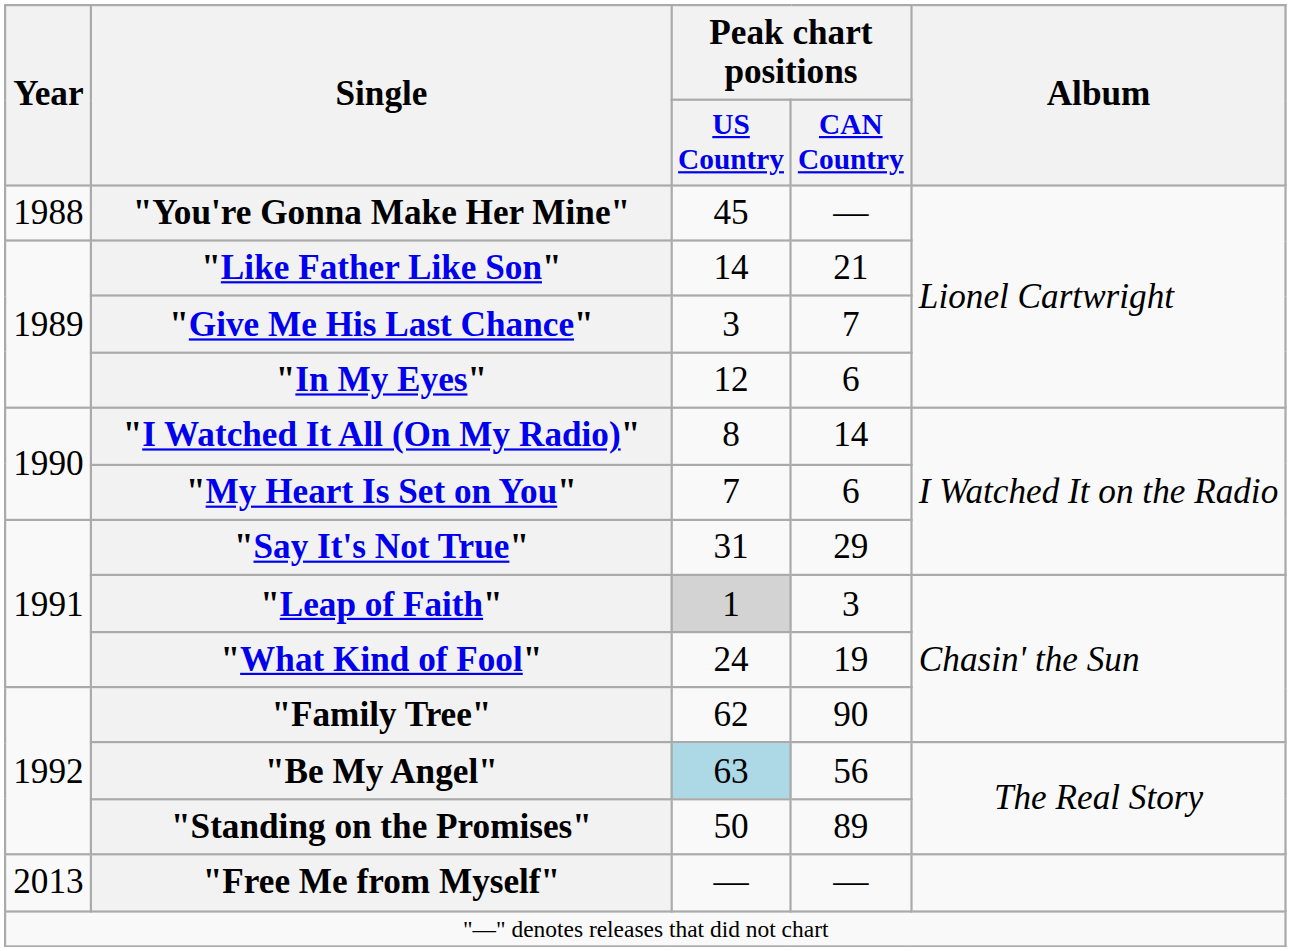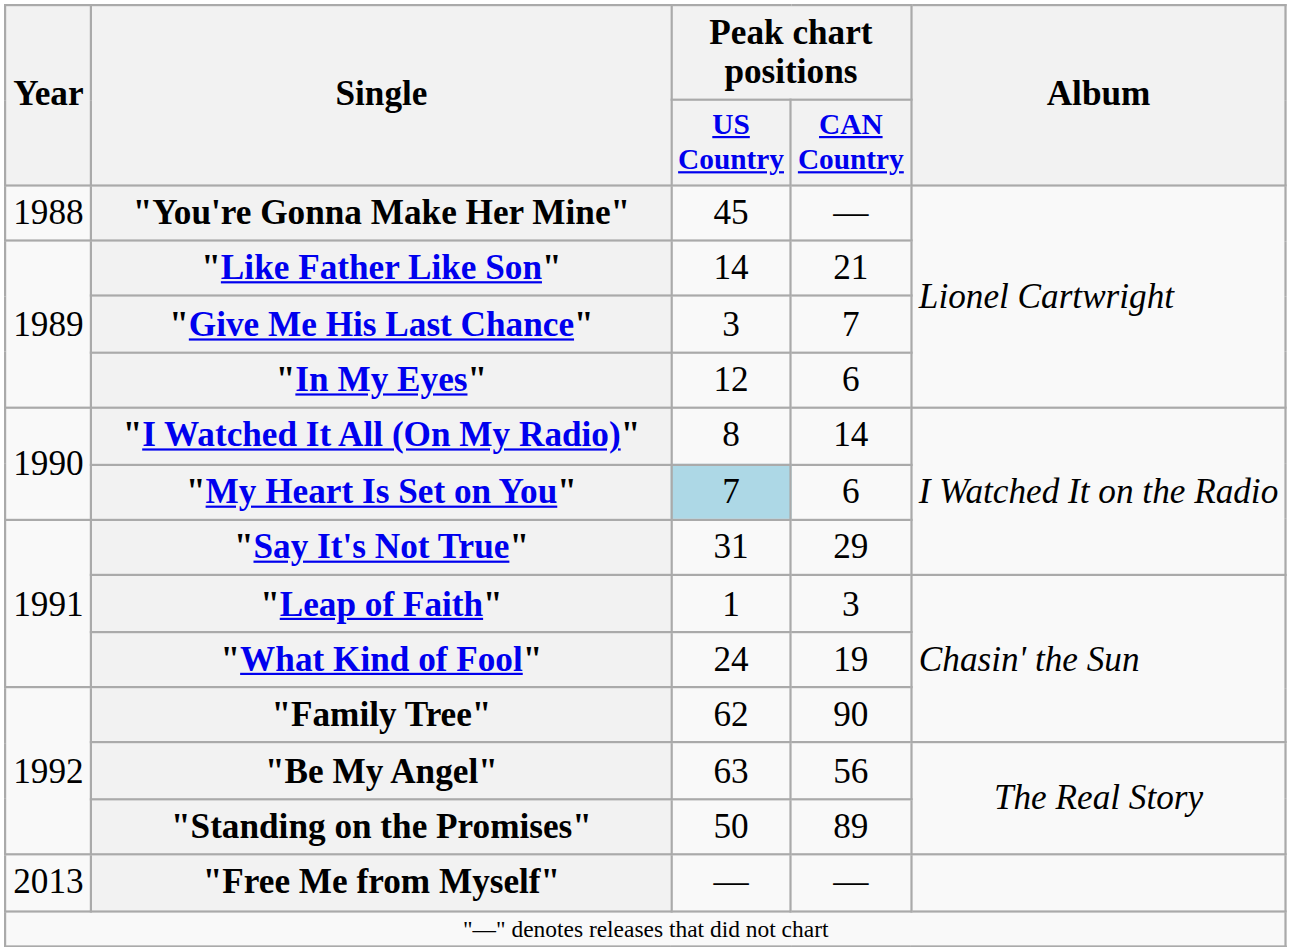 <table class="wikitable plainrowheaders" style="text-align:center;">
 <tr>
 <th rowspan="2">Year</th>
 <th rowspan="2" style="width:16em;">Single</th>
 <th colspan="2">Peak chart<br>positions</th>
 <th rowspan="2">Album</th>
 </tr>
 <tr style="font-size:smaller;">
 <th width="45"><a href='#'>US Country</a><br></th>
 <th width="45"><a href='#'>CAN Country</a><br></th>
 </tr>
 <tr>
 <td>1988</td>
 <th scope="row">"You're Gonna Make Her Mine"</th>
 <td>45</td>
 <td>—</td>
 <td align="left" rowspan="4"><em>Lionel Cartwright</em></td>
 </tr>
 <tr>
 <td rowspan="3">1989</td>
 <th scope="row">"<a href='#'>Like Father Like Son</a>"</th>
 <td>14</td>
 <td>21</td>
 </tr>
 <tr>
 <th scope="row">"<a href='#'>Give Me His Last Chance</a>"</th>
 <td>3</td>
 <td>7</td>
 </tr>
 <tr>
 <th scope="row">"<a href='#'>In My Eyes</a>"</th>
 <td>12</td>
 <td>6</td>
 </tr>
 <tr>
 <td rowspan="2">1990</td>
 <th scope="row">"<a href='#'>I Watched It All (On My Radio)</a>"</th>
 <td>8</td>
 <td>14</td>
 <td align="left" rowspan="3"><em>I Watched It on the Radio</em></td>
 </tr>
 <tr>
 <th scope="row">"<a href='#'>My Heart Is Set on You</a>"</th>
-<td>7</td>
+<td style="background: lightblue;">7</td>
 <td>6</td>
 </tr>
 <tr>
 <td rowspan="3">1991</td>
 <th scope="row">"<a href='#'>Say It's Not True</a>"</th>
 <td>31</td>
 <td>29</td>
 </tr>
 <tr>
 <th scope="row">"<a href='#'>Leap of Faith</a>"</th>
-<td style="background: lightgrey;">1</td>
+<td>1</td>
 <td>3</td>
 <td align="left" rowspan="3"><em>Chasin' the Sun</em></td>
 </tr>
 <tr>
 <th scope="row">"<a href='#'>What Kind of Fool</a>"</th>
 <td>24</td>
 <td>19</td>
 </tr>
 <tr>
 <td rowspan="3">1992</td>
 <th scope="row">"Family Tree"</th>
 <td>62</td>
 <td>90</td>
 </tr>
 <tr>
 <th scope="row">"Be My Angel"</th>
-<td style="background: lightblue;">63</td>
+<td>63</td>
 <td>56</td>
 <td rowspan="2"><em>The Real Story</em> </td>
 </tr>
 <tr>
 <th scope="row">"Standing on the Promises"</th>
 <td>50</td>
 <td>89</td>
 </tr>
 <tr>
 <td>2013</td>
 <th scope="row">"Free Me from Myself"</th>
 <td>—</td>
 <td>—</td>
 <td></td>
 </tr>
 <tr>
 <td colspan="5" style="font-size:8pt">"—" denotes releases that did not chart</td>
 </tr>
 <tr>
 </tr>
 </table>
